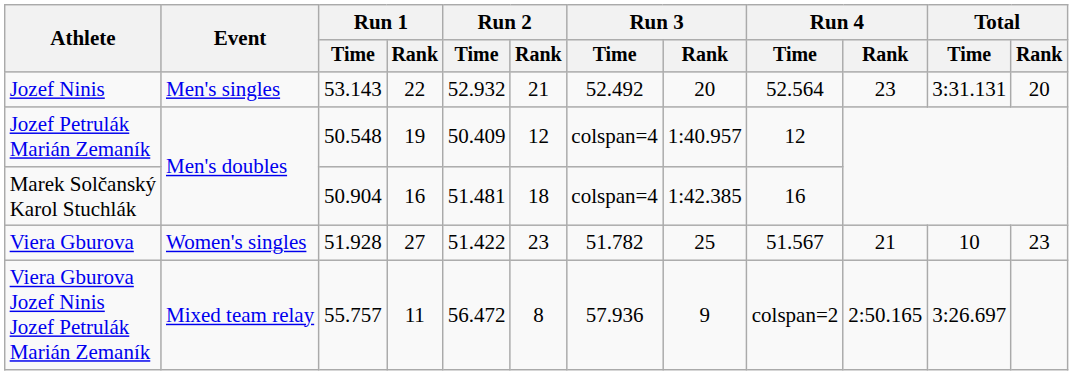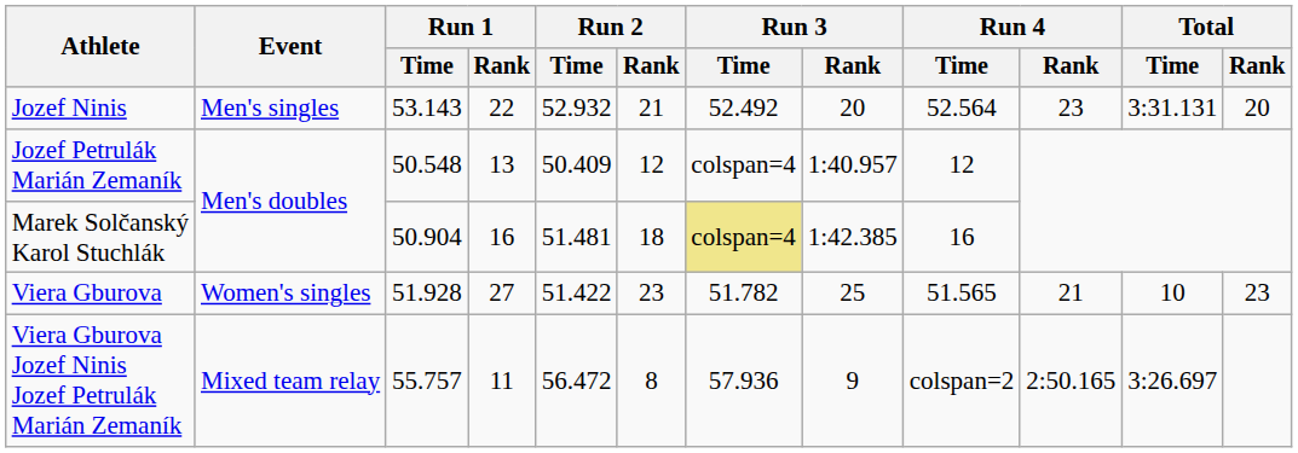 <table class="wikitable" style="font-size:90%">
 <tr>
 <th rowspan="2">Athlete</th>
 <th rowspan="2">Event</th>
 <th colspan="2">Run 1</th>
 <th colspan="2">Run 2</th>
 <th colspan="2">Run 3</th>
 <th colspan="2">Run 4</th>
 <th colspan="2">Total</th>
 </tr>
 <tr style="font-size:95%">
 <th>Time</th>
 <th>Rank</th>
 <th>Time</th>
 <th>Rank</th>
 <th>Time</th>
 <th>Rank</th>
 <th>Time</th>
 <th>Rank</th>
 <th>Time</th>
 <th>Rank</th>
 </tr>
 <tr align=center>
 <td align=left><a href='#'>Jozef Ninis</a></td>
 <td align=left><a href='#'>Men's singles</a></td>
 <td>53.143</td>
 <td>22</td>
 <td>52.932</td>
 <td>21</td>
 <td>52.492</td>
 <td>20</td>
 <td>52.564</td>
 <td>23</td>
 <td>3:31.131</td>
 <td>20</td>
 </tr>
 <tr align=center>
 <td align=left><a href='#'>Jozef Petrulák</a><br><a href='#'>Marián Zemaník</a></td>
 <td align=left rowspan=2><a href='#'>Men's doubles</a></td>
 <td>50.548</td>
-<td>19</td>
+<td>13</td>
 <td>50.409</td>
 <td>12</td>
 <td>colspan=4 </td>
 <td>1:40.957</td>
 <td>12</td>
 </tr>
 <tr align=center>
 <td align=left>Marek Solčanský<br>Karol Stuchlák</td>
 <td>50.904</td>
 <td>16</td>
 <td>51.481</td>
 <td>18</td>
-<td>colspan=4 </td>
+<td style="background: khaki;">colspan=4 </td>
 <td>1:42.385</td>
 <td>16</td>
 </tr>
 <tr align=center>
 <td align=left><a href='#'>Viera Gburova</a></td>
 <td align=left><a href='#'>Women's singles</a></td>
 <td>51.928</td>
 <td>27</td>
 <td>51.422</td>
 <td>23</td>
 <td>51.782</td>
 <td>25</td>
-<td>51.567</td>
+<td>51.565</td>
 <td>21</td>
 <td>10</td>
 <td>23</td>
 </tr>
 <tr align=center>
 <td align=left><a href='#'>Viera Gburova</a><br><a href='#'>Jozef Ninis</a><br><a href='#'>Jozef Petrulák</a><br><a href='#'>Marián Zemaník</a></td>
 <td align=left><a href='#'>Mixed team relay</a></td>
 <td>55.757</td>
 <td>11</td>
 <td>56.472</td>
 <td>8</td>
 <td>57.936</td>
 <td>9</td>
 <td>colspan=2 </td>
 <td>2:50.165</td>
 <td>3:26.697</td>
 </tr>
 </table>
